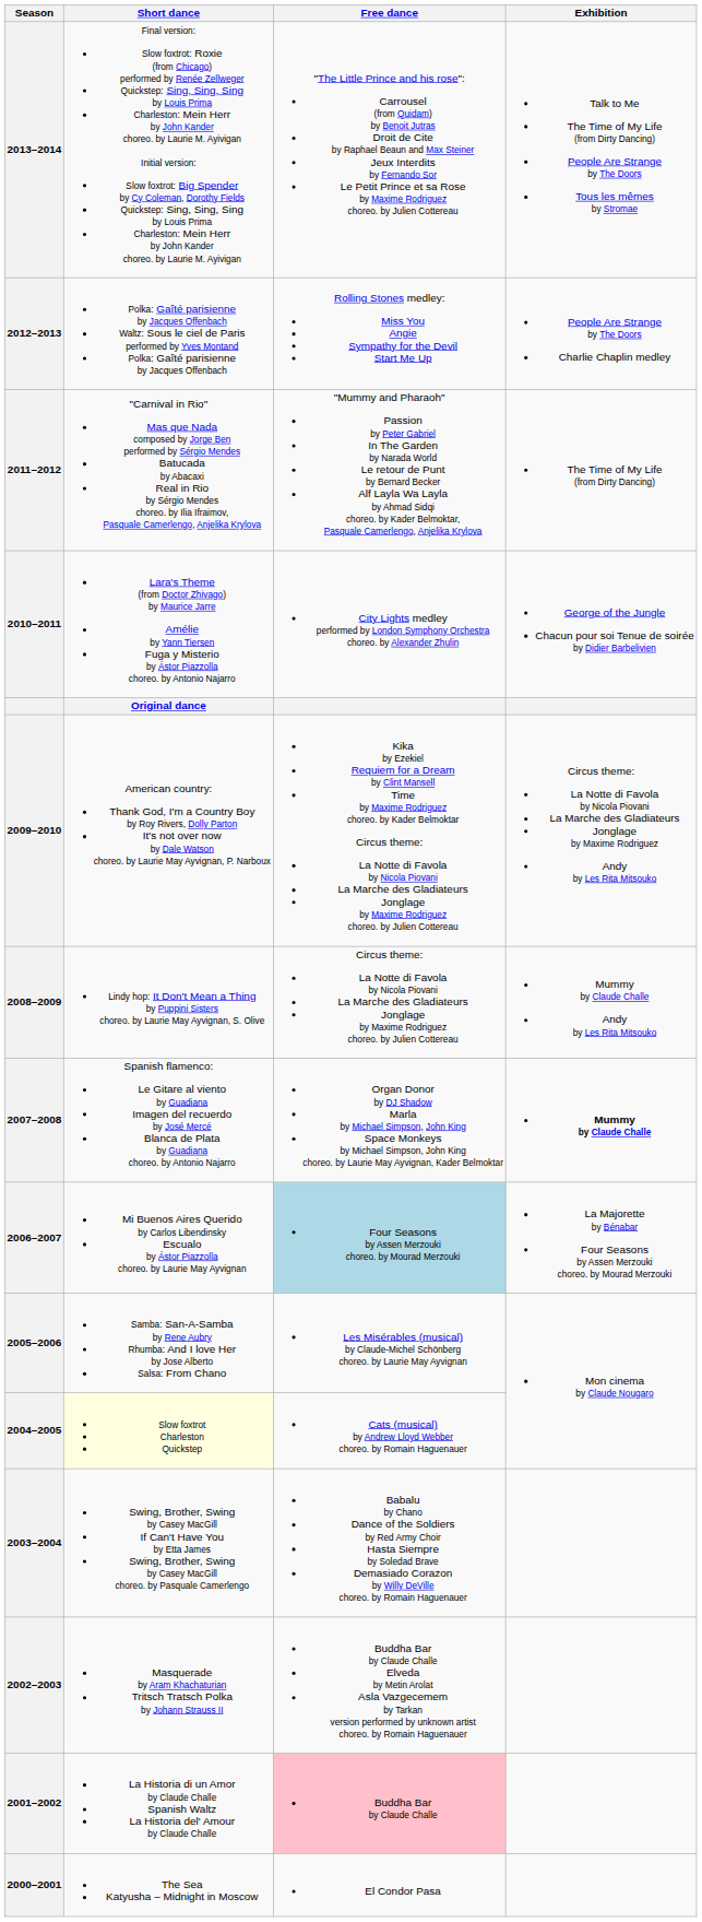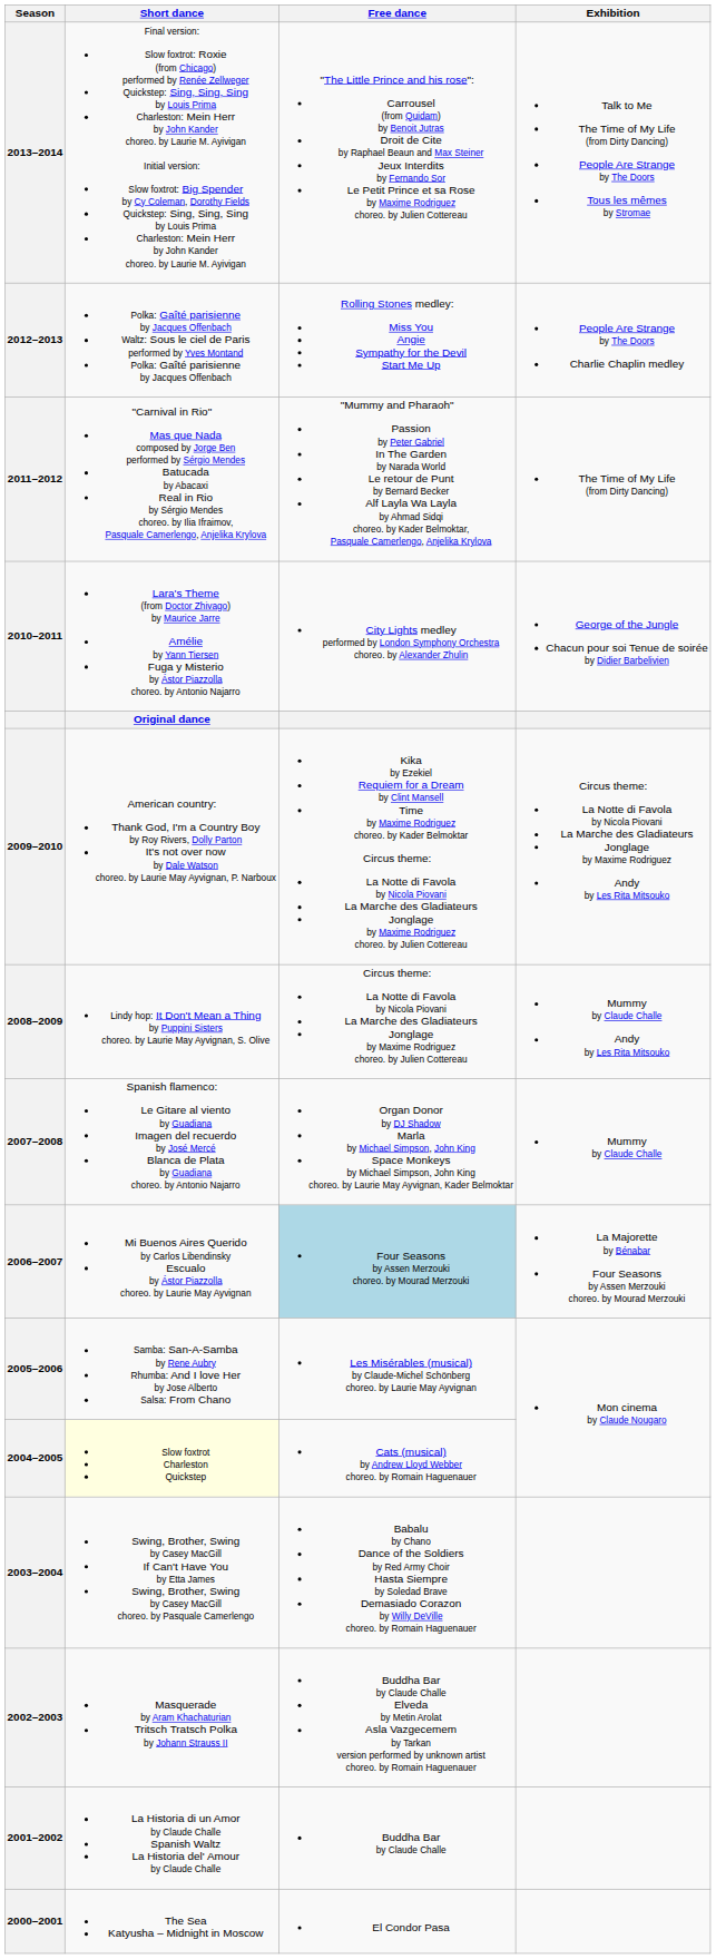 <table class="wikitable" style="text-align:center">
 <tr>
 <th>Season</th>
 <th><a href='#'>Short dance</a></th>
 <th><a href='#'>Free dance</a></th>
 <th>Exhibition</th>
 </tr>
 <tr>
 <th>2013–2014 <br></th>
 <td><small>Final version:</small><br><ul><li><small>Slow foxtrot:</small> Roxie <br><small> (from <a href='#'>Chicago</a>) <br> performed by <a href='#'>Renée Zellweger</a> </small></li><li><small>Quickstep:</small> <a href='#'>Sing, Sing, Sing</a> <br><small> by <a href='#'>Louis Prima</a> </small></li><li><small>Charleston:</small> Mein Herr <br><small> by <a href='#'>John Kander</a> <br> choreo. by Laurie M. Ayivigan </small></li></ul><small>Initial version:</small><ul><li><small>Slow foxtrot:</small> <a href='#'>Big Spender</a> <br><small> by <a href='#'>Cy Coleman</a>, <a href='#'>Dorothy Fields</a> </small></li><li><small>Quickstep:</small> Sing, Sing, Sing <br><small> by Louis Prima </small></li><li><small>Charleston:</small> Mein Herr <br><small> by John Kander <br> choreo. by Laurie M. Ayivigan </small></li></ul></td>
 <td>"<a href='#'>The Little Prince and his rose</a>":<br><ul><li>Carrousel <br><small> (from <a href='#'>Quidam</a>) <br> by <a href='#'>Benoit Jutras</a> </small></li><li>Droit de Cite <br><small> by Raphael Beaun and <a href='#'>Max Steiner</a> </small></li><li>Jeux Interdits <br><small> by <a href='#'>Fernando Sor</a> </small></li><li>Le Petit Prince et sa Rose <br><small> by <a href='#'>Maxime Rodriguez</a> <br> choreo. by Julien Cottereau </small></li></ul></td>
 <td><br><ul><li>Talk to Me</li></ul><ul><li>The Time of My Life <br><small> (from Dirty Dancing) </small></li></ul><ul><li><a href='#'>People Are Strange</a> <br><small> by <a href='#'>The Doors</a> </small></li></ul><ul><li><a href='#'>Tous les mêmes</a> <br><small> by <a href='#'>Stromae</a> </small></li></ul></td>
 </tr>
 <tr>
 <th>2012–2013 <br></th>
 <td><br><ul><li><small>Polka:</small> <a href='#'>Gaîté parisienne</a> <br><small> by <a href='#'>Jacques Offenbach</a> </small></li><li><small>Waltz:</small> Sous le ciel de Paris <br><small> performed by <a href='#'>Yves Montand</a> </small></li><li><small>Polka:</small> Gaîté parisienne <br><small> by Jacques Offenbach </small></li></ul></td>
 <td><a href='#'>Rolling Stones</a> medley:<br><ul><li><a href='#'>Miss You</a></li><li><a href='#'>Angie</a></li><li><a href='#'>Sympathy for the Devil</a></li><li><a href='#'>Start Me Up</a></li></ul></td>
 <td><br><ul><li><a href='#'>People Are Strange</a> <br><small> by <a href='#'>The Doors</a> </small></li></ul><ul><li>Charlie Chaplin medley</li></ul></td>
 </tr>
 <tr>
 <th>2011–2012 <br></th>
 <td>"Carnival in Rio"<br><ul><li><a href='#'>Mas que Nada</a> <br><small> composed by <a href='#'>Jorge Ben</a> <br> performed by <a href='#'>Sérgio Mendes</a> </small></li><li>Batucada <br><small> by Abacaxi </small></li><li>Real in Rio <br><small> by Sérgio Mendes <br> choreo. by Ilia Ifraimov, <br> <a href='#'>Pasquale Camerlengo</a>, <a href='#'>Anjelika Krylova</a> </small></li></ul></td>
 <td>"Mummy and Pharaoh"<br><ul><li>Passion <br><small> by <a href='#'>Peter Gabriel</a> </small></li><li>In The Garden <br><small> by Narada World </small></li><li>Le retour de Punt <br><small> by Bernard Becker </small></li><li>Alf Layla Wa Layla <br><small> by Ahmad Sidqi <br> choreo. by Kader Belmoktar, <br> <a href='#'>Pasquale Camerlengo</a>, <a href='#'>Anjelika Krylova</a> </small></li></ul></td>
 <td><br><ul><li>The Time of My Life <br><small> (from Dirty Dancing) </small></li></ul></td>
 </tr>
 <tr>
 <th>2010–2011 <br></th>
 <td><br><ul><li><a href='#'>Lara's Theme</a> <br><small> (from <a href='#'>Doctor Zhivago</a>) <br> by <a href='#'>Maurice Jarre</a> </small></li></ul><ul><li><a href='#'>Amélie</a><br><small> by <a href='#'>Yann Tiersen</a> </small></li><li>Fuga y Misterio <br><small> by <a href='#'>Ástor Piazzolla</a> <br> choreo. by Antonio Najarro </small></li></ul></td>
 <td><br><ul><li><a href='#'>City Lights</a> medley <br><small> performed by <a href='#'>London Symphony Orchestra</a> <br> choreo. by <a href='#'>Alexander Zhulin</a> </small></li></ul></td>
 <td><br><ul><li><a href='#'>George of the Jungle</a></li></ul><ul><li>Chacun pour soi Tenue de soirée <br><small> by <a href='#'>Didier Barbelivien</a> </small></li></ul></td>
 </tr>
 <tr>
 <th></th>
 <th><a href='#'>Original dance</a></th>
 <th></th>
 <th></th>
 </tr>
 <tr>
 <th>2009–2010 <br></th>
 <td>American country:<br><ul><li>Thank God, I'm a Country Boy <br><small> by Roy Rivers, <a href='#'>Dolly Parton</a> </small></li><li>It's not over now <br><small> by <a href='#'>Dale Watson</a> <br> choreo. by Laurie May Ayvignan, P. Narboux </small></li></ul></td>
 <td><br><ul><li>Kika <br><small> by Ezekiel </small></li><li><a href='#'>Requiem for a Dream</a> <br><small> by <a href='#'>Clint Mansell</a> </small></li><li>Time <br><small> by <a href='#'>Maxime Rodriguez</a> <br> choreo. by Kader Belmoktar </small></li></ul>Circus theme:<ul><li>La Notte di Favola <br><small> by <a href='#'>Nicola Piovani</a> </small></li><li>La Marche des Gladiateurs</li><li>Jonglage <br><small> by <a href='#'>Maxime Rodriguez</a> <br> choreo. by Julien Cottereau </small></li></ul></td>
 <td>Circus theme:<br><ul><li>La Notte di Favola <br><small> by Nicola Piovani </small></li><li>La Marche des Gladiateurs</li><li>Jonglage <br><small> by Maxime Rodriguez </small></li></ul><ul><li>Andy <br><small> by <a href='#'>Les Rita Mitsouko</a> </small></li></ul></td>
 </tr>
 <tr>
 <th>2008–2009 <br></th>
 <td><br><ul><li><small>Lindy hop:</small> <a href='#'>It Don't Mean a Thing</a> <br><small> by <a href='#'>Puppini Sisters</a> <br> choreo. by Laurie May Ayvignan, S. Olive </small></li></ul></td>
 <td>Circus theme:<br><ul><li>La Notte di Favola <br><small> by Nicola Piovani </small></li><li>La Marche des Gladiateurs</li><li>Jonglage <br><small> by Maxime Rodriguez <br> choreo. by Julien Cottereau </small></li></ul></td>
 <td><br><ul><li>Mummy <br><small> by <a href='#'>Claude Challe</a> </small></li></ul><ul><li>Andy <br><small> by <a href='#'>Les Rita Mitsouko</a> </small></li></ul></td>
 </tr>
 <tr>
 <th>2007–2008 <br></th>
 <td>Spanish flamenco:<br><ul><li>Le Gitare al viento <br><small> by <a href='#'>Guadiana</a> </small></li><li>Imagen del recuerdo <br><small> by <a href='#'>José Mercé</a> </small></li><li>Blanca de Plata <br><small> by <a href='#'>Guadiana</a> <br> choreo. by Antonio Najarro </small></li></ul></td>
 <td><br><ul><li>Organ Donor <br><small> by <a href='#'>DJ Shadow</a> </small></li><li>Marla <br><small> by <a href='#'>Michael Simpson</a>, <a href='#'>John King</a> </small></li><li>Space Monkeys <br><small> by Michael Simpson, John King <br> choreo. by Laurie May Ayvignan, Kader Belmoktar </small></li></ul></td>
-<td><strong><br><ul><li>Mummy <br><small> by <a href='#'>Claude Challe</a> </small></li></ul></strong></td>
+<td><br><ul><li>Mummy <br><small> by <a href='#'>Claude Challe</a> </small></li></ul></td>
 </tr>
 <tr>
 <th>2006–2007 <br></th>
 <td><br><ul><li>Mi Buenos Aires Querido <br><small> by Carlos Libendinsky </small></li><li>Escualo <br><small> by <a href='#'>Ástor Piazzolla</a> <br> choreo. by Laurie May Ayvignan </small></li></ul></td>
 <td style="background: lightblue;"><br><ul><li>Four Seasons <br><small> by Assen Merzouki <br> choreo. by Mourad Merzouki </small></li></ul></td>
 <td><br><ul><li>La Majorette <br><small> by <a href='#'>Bénabar</a> </small></li></ul><ul><li>Four Seasons <br><small> by Assen Merzouki <br> choreo. by Mourad Merzouki </small></li></ul></td>
 </tr>
 <tr>
 <th>2005–2006 <br></th>
 <td><br><ul><li><small>Samba:</small> San-A-Samba <br><small> by <a href='#'>Rene Aubry</a> </small></li><li><small>Rhumba:</small> And I love Her <br><small> by Jose Alberto </small></li><li><small>Salsa:</small> From Chano</li></ul></td>
 <td><br><ul><li><a href='#'>Les Misérables (musical)</a> <br><small> by Claude-Michel Schönberg <br> choreo. by Laurie May Ayvignan </small></li></ul></td>
 <td rowspan=2><br><ul><li>Mon cinema <br><small>by <a href='#'>Claude Nougaro</a> </small></li></ul></td>
 </tr>
 <tr>
 <th>2004–2005 <br></th>
 <td style="background: lightyellow;"><br><ul><li><small>Slow foxtrot</small></li><li><small>Charleston</small></li><li><small>Quickstep</small></li></ul></td>
 <td><br><ul><li><a href='#'>Cats (musical)</a> <br><small> by <a href='#'>Andrew Lloyd Webber</a> <br> choreo. by Romain Haguenauer </small></li></ul></td>
 </tr>
 <tr>
 <th>2003–2004 <br></th>
 <td><br><ul><li>Swing, Brother, Swing <br><small> by Casey MacGill </small></li><li>If Can't Have You <br><small> by Etta James </small></li><li>Swing, Brother, Swing <br><small> by Casey MacGill <br> choreo. by Pasquale Camerlengo </small></li></ul></td>
 <td><br><ul><li>Babalu <br><small> by Chano </small></li><li>Dance of the Soldiers <br><small> by Red Army Choir </small></li><li>Hasta Siempre <br><small> by Soledad Brave </small></li><li>Demasiado Corazon <br><small> by <a href='#'>Willy DeVille</a> <br> choreo. by Romain Haguenauer </small></li></ul></td>
 <td></td>
 </tr>
 <tr>
 <th>2002–2003 <br></th>
 <td><br><ul><li>Masquerade <br><small> by <a href='#'>Aram Khachaturian</a> </small></li><li>Tritsch Tratsch Polka <br><small> by <a href='#'>Johann Strauss II</a></small></li></ul></td>
 <td><br><ul><li>Buddha Bar <br><small> by Claude Challe </small></li><li>Elveda <br><small> by Metin Arolat </small></li><li>Asla Vazgecemem <br><small> by Tarkan <br> version performed by unknown artist <br> choreo. by Romain Haguenauer </small></li></ul></td>
 <td></td>
 </tr>
 <tr>
 <th>2001–2002 <br></th>
 <td><br><ul><li>La Historia di un Amor <br><small> by Claude Challe </small></li><li>Spanish Waltz</li><li>La Historia del' Amour <br><small> by Claude Challe </small></li></ul></td>
-<td style="background: pink;"><br><ul><li>Buddha Bar <br><small> by Claude Challe </small></li></ul></td>
+<td><br><ul><li>Buddha Bar <br><small> by Claude Challe </small></li></ul></td>
 <td></td>
 </tr>
 <tr>
 <th>2000–2001 <br></th>
 <td><br><ul><li>The Sea</li><li>Katyusha – Midnight in Moscow</li></ul></td>
 <td><br><ul><li>El Condor Pasa</li></ul></td>
 <td></td>
 </tr>
 </table>
